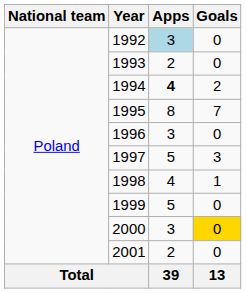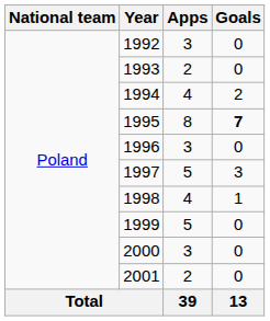 <table class="wikitable" style="text-align:center">
 <tr>
 <th>National team</th>
 <th>Year</th>
 <th>Apps</th>
 <th>Goals</th>
 </tr>
 <tr>
 <td rowspan="10"><a href='#'>Poland</a></td>
 <td>1992</td>
-<td style="background: lightblue;">3</td>
+<td>3</td>
 <td>0</td>
 </tr>
 <tr>
 <td>1993</td>
 <td>2</td>
 <td>0</td>
 </tr>
 <tr>
 <td>1994</td>
-<td><strong>4</strong></td>
+<td>4</td>
 <td>2</td>
 </tr>
 <tr>
 <td>1995</td>
 <td>8</td>
-<td>7</td>
+<td><strong>7</strong></td>
 </tr>
 <tr>
 <td>1996</td>
 <td>3</td>
 <td>0</td>
 </tr>
 <tr>
 <td>1997</td>
 <td>5</td>
 <td>3</td>
 </tr>
 <tr>
 <td>1998</td>
 <td>4</td>
 <td>1</td>
 </tr>
 <tr>
 <td>1999</td>
 <td>5</td>
 <td>0</td>
 </tr>
 <tr>
 <td>2000</td>
 <td>3</td>
-<td style="background: gold;">0</td>
+<td>0</td>
 </tr>
 <tr>
 <td>2001</td>
 <td>2</td>
 <td>0</td>
 </tr>
 <tr>
 <th colspan="2">Total</th>
 <th>39</th>
 <th>13</th>
 </tr>
 </table>
